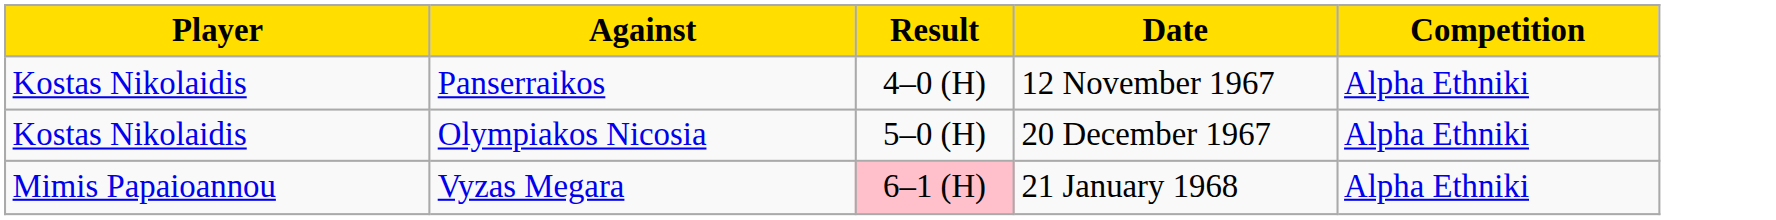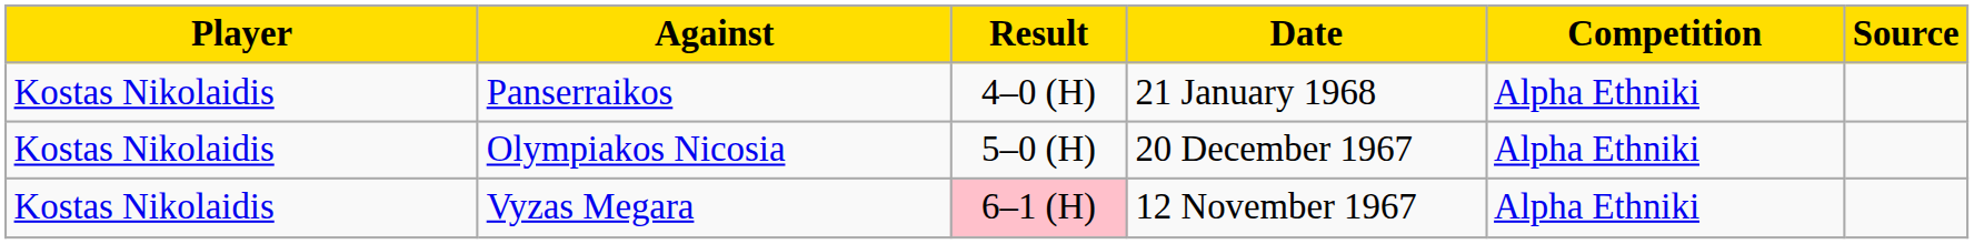 <table class="wikitable">
 <tr>
 <th width=200 style="background:#FFDE00">Player</th>
 <th width=200 style="background:#FFDE00">Against</th>
 <th width=70 style="background:#FFDE00">Result</th>
 <th width=150 style="background:#FFDE00">Date</th>
 <th width=150 style="background:#FFDE00">Competition</th>
+<th style="background:#FFDE00">Source</th>
 </tr>
 <tr>
 <td> <a href='#'>Kostas Nikolaidis</a></td>
 <td> <a href='#'>Panserraikos</a></td>
 <td align=center>4–0 (H)</td>
-<td>12 November 1967</td>
+<td>21 January 1968</td>
 <td><a href='#'>Alpha Ethniki</a></td>
+<td align=center></td>
 </tr>
 <tr>
 <td> <a href='#'>Kostas Nikolaidis</a></td>
 <td> <a href='#'>Olympiakos Nicosia</a></td>
 <td align=center>5–0 (H)</td>
 <td>20 December 1967</td>
 <td><a href='#'>Alpha Ethniki</a></td>
+<td align=center></td>
 </tr>
 <tr>
-<td> <a href='#'>Mimis Papaioannou</a></td>
+<td> <a href='#'>Kostas Nikolaidis</a></td>
 <td> <a href='#'>Vyzas Megara</a></td>
 <td align=center style="background: pink;">6–1 (H)</td>
-<td>21 January 1968</td>
+<td>12 November 1967</td>
 <td><a href='#'>Alpha Ethniki</a></td>
+<td align=center></td>
 </tr>
 </table>
